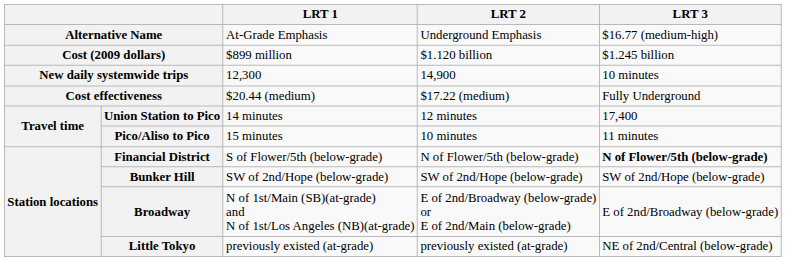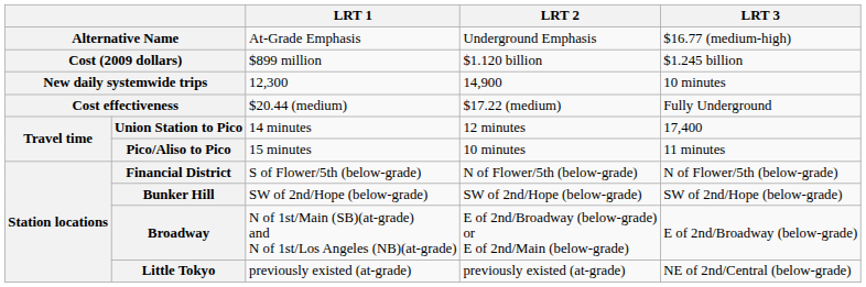 <table class="wikitable">
 <tr>
 <th colspan="2"></th>
 <th>LRT 1</th>
 <th>LRT 2</th>
 <th>LRT 3</th>
 </tr>
 <tr>
 <th colspan="2">Alternative Name</th>
 <td>At-Grade Emphasis</td>
 <td>Underground Emphasis</td>
 <td>$16.77 (medium-high)</td>
 </tr>
 <tr>
 <th colspan="2">Cost (2009 dollars)</th>
 <td>$899 million</td>
 <td>$1.120 billion</td>
 <td>$1.245 billion</td>
 </tr>
 <tr>
 <th colspan="2">New daily systemwide trips</th>
 <td>12,300</td>
 <td>14,900</td>
 <td>10 minutes</td>
 </tr>
 <tr>
 <th colspan="2">Cost effectiveness </th>
 <td>$20.44 (medium)</td>
 <td>$17.22 (medium)</td>
 <td>Fully Underground</td>
 </tr>
 <tr>
 <th rowspan="2">Travel time</th>
 <th>Union Station to Pico</th>
 <td>14 minutes</td>
 <td>12 minutes</td>
 <td>17,400</td>
 </tr>
 <tr>
 <th>Pico/Aliso to Pico</th>
 <td>15 minutes</td>
 <td>10 minutes</td>
 <td>11 minutes</td>
 </tr>
 <tr>
 <th rowspan="4">Station locations</th>
 <th>Financial District</th>
 <td>S of Flower/5th (below-grade)</td>
 <td>N of Flower/5th (below-grade)</td>
-<td><strong>N of Flower/5th (below-grade)</strong></td>
+<td>N of Flower/5th (below-grade)</td>
 </tr>
 <tr>
 <th>Bunker Hill</th>
 <td>SW of 2nd/Hope (below-grade)</td>
 <td>SW of 2nd/Hope (below-grade)</td>
 <td>SW of 2nd/Hope (below-grade)</td>
 </tr>
 <tr>
 <th>Broadway</th>
 <td>N of 1st/Main (SB)(at-grade)<br>and<br>N of 1st/Los Angeles (NB)(at-grade)</td>
 <td>E of 2nd/Broadway (below-grade)<br>or<br>E of 2nd/Main (below-grade)</td>
 <td>E of 2nd/Broadway (below-grade)</td>
 </tr>
 <tr>
 <th>Little Tokyo</th>
 <td>previously existed (at-grade)</td>
 <td>previously existed (at-grade)</td>
 <td>NE of 2nd/Central (below-grade)</td>
 </tr>
 </table>
